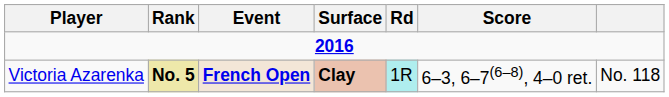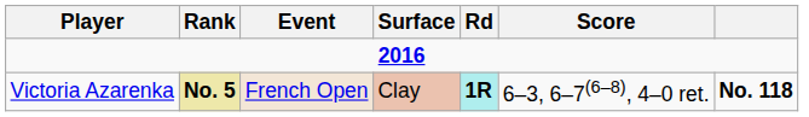 <table class="wikitable">
 <tr>
 <th>Player</th>
 <th>Rank</th>
 <th>Event</th>
 <th>Surface</th>
 <th>Rd</th>
 <th>Score</th>
 <th></th>
 </tr>
 <tr>
 <td colspan="8" style="text-align:center"><strong><a href='#'>2016</a></strong></td>
 </tr>
 <tr>
 <td> <a href='#'>Victoria Azarenka</a></td>
 <td bgcolor="EEE8AA"><strong>No. 5</strong></td>
-<td bgcolor="f3e6d7"><strong><a href='#'>French Open</a></strong></td>
-<td bgcolor="ebc2af"><strong>Clay</strong></td>
-<td bgcolor="afeeee">1R</td>
+<td bgcolor="f3e6d7"><a href='#'>French Open</a></td>
+<td bgcolor="ebc2af">Clay</td>
+<td bgcolor="afeeee"><strong>1R</strong></td>
 <td>6–3, 6–7<sup>(6–8)</sup>, 4–0 ret.</td>
-<td>No. 118</td>
+<td><strong>No. 118</strong></td>
 </tr>
 </table>
